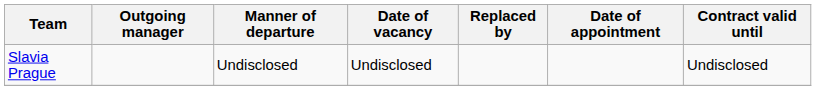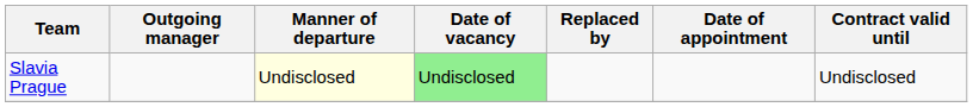 <table class="wikitable sortable">
 <tr>
 <th>Team</th>
 <th>Outgoing manager</th>
 <th>Manner of departure</th>
 <th>Date of vacancy</th>
 <th>Replaced by</th>
 <th>Date of appointment</th>
 <th>Contract valid until</th>
 </tr>
 <tr>
 <td><a href='#'>Slavia Prague</a></td>
 <td> </td>
-<td>Undisclosed</td>
-<td>Undisclosed</td>
+<td style="background: lightyellow;">Undisclosed</td>
+<td style="background: lightgreen;">Undisclosed</td>
 <td> </td>
 <td></td>
 <td>Undisclosed</td>
 </tr>
 <tr>
 </tr>
 </table>
